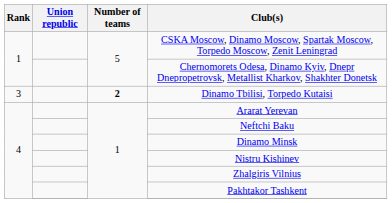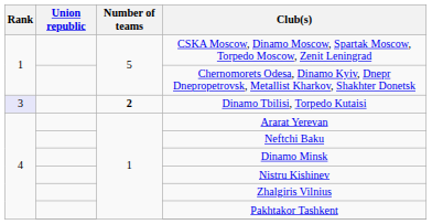 <table class="wikitable">
 <tr>
 <th>Rank</th>
 <th><a href='#'>Union republic</a></th>
 <th>Number of teams</th>
 <th>Club(s)</th>
 </tr>
 <tr>
 <td align="center" rowspan=2>1</td>
 <td></td>
 <td align="center" rowspan=2>5</td>
 <td align="center"><a href='#'>CSKA Moscow</a>, <a href='#'>Dinamo Moscow</a>, <a href='#'>Spartak Moscow</a>, <a href='#'>Torpedo Moscow</a>, <a href='#'>Zenit Leningrad</a></td>
 </tr>
 <tr>
 <td></td>
 <td align="center"><a href='#'>Chernomorets Odesa</a>, <a href='#'>Dinamo Kyiv</a>, <a href='#'>Dnepr Dnepropetrovsk</a>, <a href='#'>Metallist Kharkov</a>, <a href='#'>Shakhter Donetsk</a></td>
 </tr>
 <tr>
-<td align="center" rowspan=1>3</td>
+<td align="center" rowspan=1 style="background: lavender;">3</td>
 <td></td>
 <td align="center" rowspan=1><strong>2</strong></td>
 <td align="center"><a href='#'>Dinamo Tbilisi</a>, <a href='#'>Torpedo Kutaisi</a></td>
 </tr>
 <tr>
 <td align="center" rowspan=7>4</td>
 <td></td>
 <td align="center" rowspan=7>1</td>
 <td align="center"><a href='#'>Ararat Yerevan</a></td>
 </tr>
 <tr>
 <td></td>
 <td align="center"><a href='#'>Neftchi Baku</a></td>
 </tr>
 <tr>
 <td></td>
 <td align="center"><a href='#'>Dinamo Minsk</a></td>
 </tr>
 <tr>
 <td></td>
 <td align="center"><a href='#'>Nistru Kishinev</a></td>
 </tr>
 <tr>
 <td></td>
 <td align="center"><a href='#'>Zhalgiris Vilnius</a></td>
 </tr>
 <tr>
 <td></td>
 <td align="center"><a href='#'>Pakhtakor Tashkent</a></td>
 </tr>
 <tr>
 </tr>
 </table>
